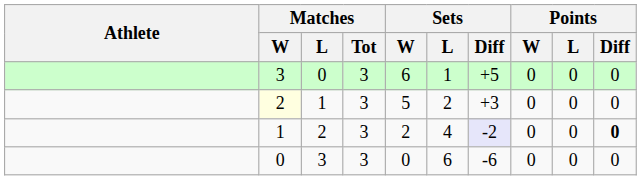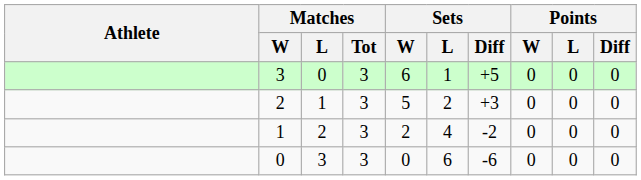 <table class=wikitable style="text-align:center">
 <tr>
 <th rowspan=2 width=220>Athlete</th>
 <th colspan=3 width=90>Matches</th>
 <th colspan=3 width=90>Sets</th>
 <th colspan=3 width=90>Points</th>
 </tr>
 <tr>
 <th width=30>W</th>
 <th width=30>L</th>
 <th width=30>Tot</th>
 <th width=30>W</th>
 <th width=30>L</th>
 <th width=30>Diff</th>
 <th width=30>W</th>
 <th width=30>L</th>
 <th width=30>Diff</th>
 </tr>
 <tr bgcolor=ccffcc>
 <td style="text-align:left"></td>
 <td>3</td>
 <td>0</td>
 <td>3</td>
 <td>6</td>
 <td>1</td>
 <td>+5</td>
 <td>0</td>
 <td>0</td>
 <td>0</td>
 </tr>
 <tr>
 <td style="text-align:left"></td>
-<td style="background: lightyellow;">2</td>
+<td>2</td>
 <td>1</td>
 <td>3</td>
 <td>5</td>
 <td>2</td>
 <td>+3</td>
 <td>0</td>
 <td>0</td>
 <td>0</td>
 </tr>
 <tr>
 <td style="text-align:left"></td>
 <td>1</td>
 <td>2</td>
 <td>3</td>
 <td>2</td>
 <td>4</td>
-<td style="background: lavender;">-2</td>
+<td>-2</td>
 <td>0</td>
 <td>0</td>
-<td><strong>0</strong></td>
+<td>0</td>
 </tr>
 <tr>
 <td style="text-align:left"></td>
 <td>0</td>
 <td>3</td>
 <td>3</td>
 <td>0</td>
 <td>6</td>
 <td>-6</td>
 <td>0</td>
 <td>0</td>
 <td>0</td>
 </tr>
 </table>
